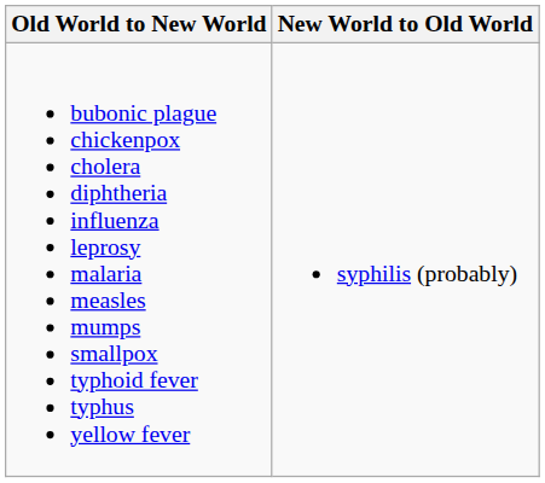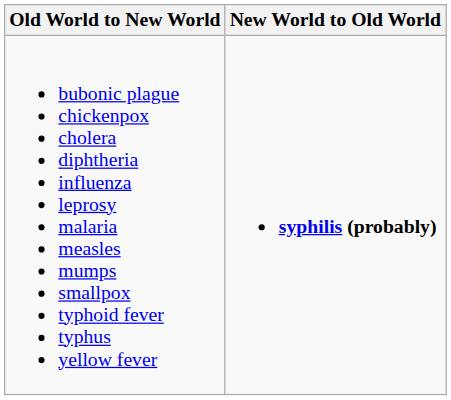 <table class="wikitable floatleft vertical-align-top">
 <tr>
 <th>Old World to New World</th>
 <th>New World to Old World</th>
 </tr>
 <tr>
 <td><br><ul><li><a href='#'>bubonic plague</a></li><li><a href='#'>chickenpox</a></li><li><a href='#'>cholera</a></li><li><a href='#'>diphtheria</a></li><li><a href='#'>influenza</a></li><li><a href='#'>leprosy</a></li><li><a href='#'>malaria</a></li><li><a href='#'>measles</a></li><li><a href='#'>mumps</a></li><li><a href='#'>smallpox</a></li><li><a href='#'>typhoid fever</a></li><li><a href='#'>typhus</a></li><li><a href='#'>yellow fever</a></li></ul></td>
-<td><br><ul><li><a href='#'>syphilis</a> (probably)</li></ul></td>
+<td><strong><br><ul><li><a href='#'>syphilis</a> (probably)</li></ul></strong></td>
 </tr>
 </table>
